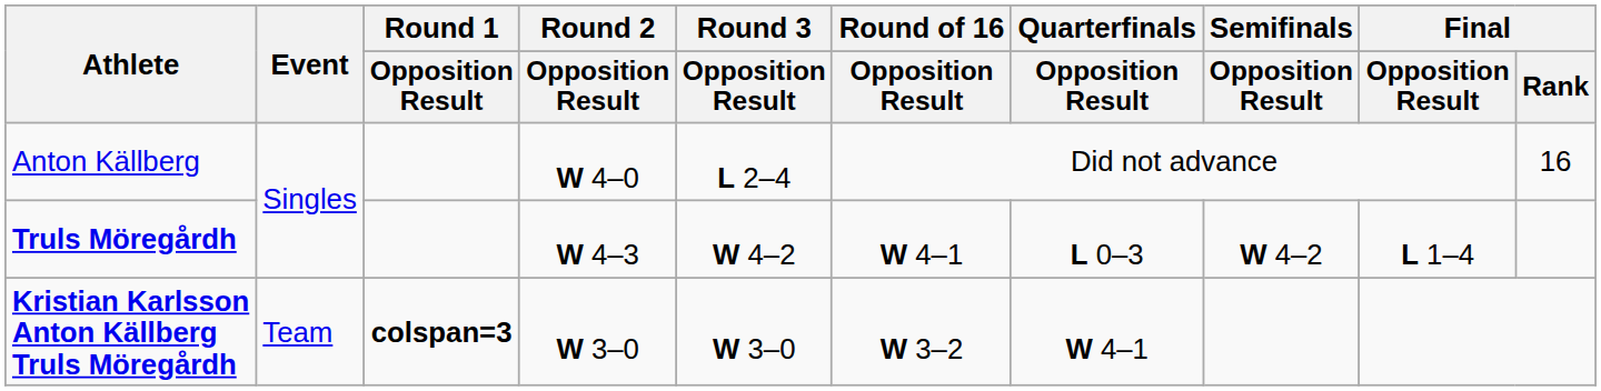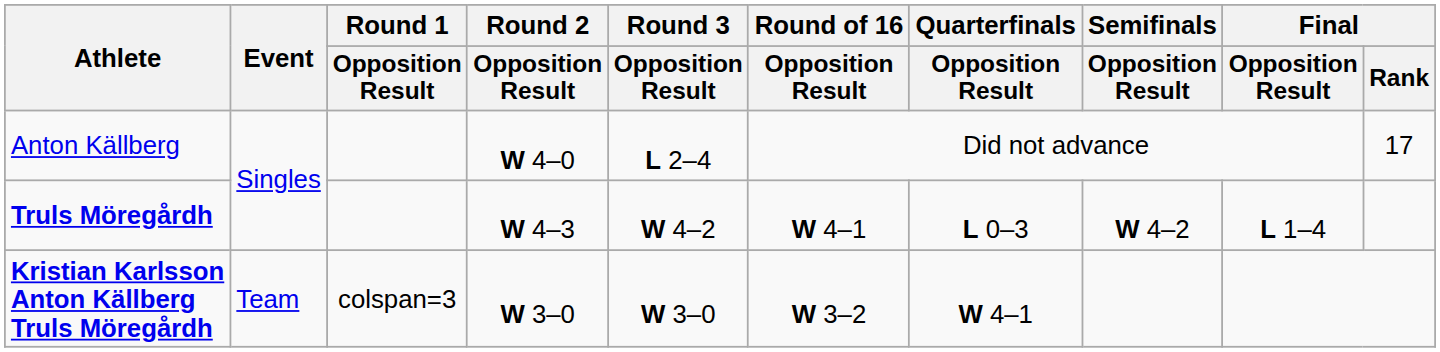 <table class=wikitable style=font-size:90%;text-align:center>
 <tr>
 <th rowspan=2>Athlete</th>
 <th rowspan=2>Event</th>
 <th>Round 1</th>
 <th>Round 2</th>
 <th>Round 3</th>
 <th>Round of 16</th>
 <th>Quarterfinals</th>
 <th>Semifinals</th>
 <th colspan=2>Final</th>
 </tr>
 <tr style=font-size:95%>
 <th>Opposition<br>Result</th>
 <th>Opposition<br>Result</th>
 <th>Opposition<br>Result</th>
 <th>Opposition<br>Result</th>
 <th>Opposition<br>Result</th>
 <th>Opposition<br>Result</th>
 <th>Opposition<br>Result</th>
 <th>Rank</th>
 </tr>
 <tr>
 <td align=left><a href='#'>Anton Källberg</a></td>
 <td align=left rowspan=2><a href='#'>Singles</a></td>
 <td></td>
 <td><br><strong>W</strong> 4–0</td>
 <td><br><strong>L</strong> 2–4</td>
 <td colspan=4>Did not advance</td>
-<td>16</td>
+<td>17</td>
 </tr>
 <tr align=center>
 <td align=left><strong><a href='#'>Truls Möregårdh</a></strong></td>
 <td></td>
 <td><br><strong>W</strong> 4–3</td>
 <td><br><strong>W</strong> 4–2</td>
 <td><br><strong>W</strong> 4–1</td>
 <td><br><strong>L</strong> 0–3</td>
 <td><br><strong>W</strong> 4–2</td>
 <td><br><strong>L</strong> 1–4</td>
 <td></td>
 </tr>
 <tr>
 <td align=left><strong><a href='#'>Kristian Karlsson</a><br><a href='#'>Anton Källberg</a><br><a href='#'>Truls Möregårdh</a></strong></td>
 <td align=left><a href='#'>Team</a></td>
-<td><strong>colspan=3 </strong></td>
+<td>colspan=3 </td>
 <td><br><strong>W</strong> 3–0</td>
 <td><br><strong>W</strong> 3–0</td>
 <td><br><strong>W</strong> 3–2</td>
 <td><br><strong>W</strong> 4–1</td>
 <td></td>
 </tr>
 </table>
